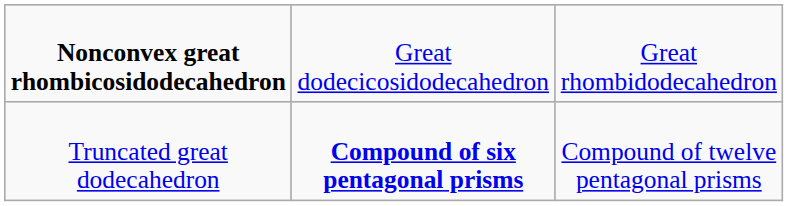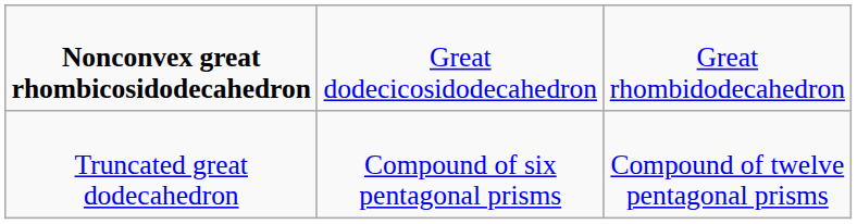 <table class="wikitable" width="400" style="vertical-align:top;text-align:center">
 <tr>
 <td><br><strong>Nonconvex great rhombicosidodecahedron</strong></td>
 <td><br><a href='#'>Great dodecicosidodecahedron</a></td>
 <td><br><a href='#'>Great rhombidodecahedron</a></td>
 </tr>
 <tr>
 <td><br><a href='#'>Truncated great dodecahedron</a></td>
-<td><strong><br><a href='#'>Compound of six pentagonal prisms</a></strong></td>
+<td><br><a href='#'>Compound of six pentagonal prisms</a></td>
 <td><br><a href='#'>Compound of twelve pentagonal prisms</a></td>
 </tr>
 </table>
